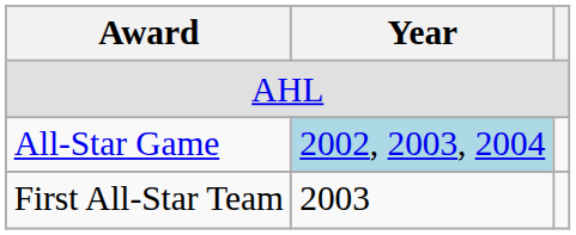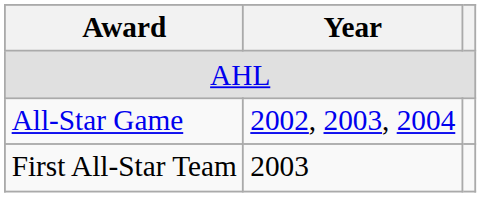 <table class="wikitable">
 <tr>
 <th>Award</th>
 <th>Year</th>
 <th></th>
 </tr>
 <tr ALIGN="center" bgcolor="#e0e0e0">
 <td colspan="3"><a href='#'>AHL</a></td>
 </tr>
 <tr>
 <td><a href='#'>All-Star Game</a></td>
-<td style="background: lightblue;"><a href='#'>2002</a>, <a href='#'>2003</a>, <a href='#'>2004</a></td>
+<td><a href='#'>2002</a>, <a href='#'>2003</a>, <a href='#'>2004</a></td>
 <td></td>
 </tr>
 <tr>
 <td>First All-Star Team</td>
 <td>2003</td>
 <td></td>
 </tr>
 </table>
